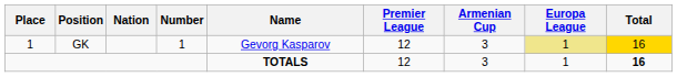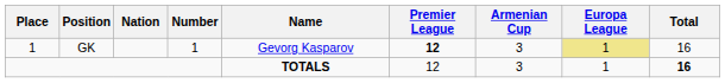 <table class="wikitable" style="font-size: 95%; text-align: center;">
 <tr>
 <th width=60>Place</th>
 <th width=60>Position</th>
 <th width=60>Nation</th>
 <th width=60>Number</th>
 <th width=200>Name</th>
 <th width=100><a href='#'>Premier League</a></th>
 <th width=100><a href='#'>Armenian Cup</a></th>
 <th width=100><a href='#'>Europa League</a></th>
 <th width=80><strong>Total</strong></th>
 </tr>
 <tr>
 <td>1</td>
 <td>GK</td>
 <td></td>
 <td>1</td>
 <td><a href='#'>Gevorg Kasparov</a></td>
-<td>12</td>
+<td><strong>12</strong></td>
 <td>3</td>
 <td style="background: khaki;">1</td>
-<td style="background: gold;">16</td>
+<td>16</td>
 </tr>
 <tr>
 <td colspan="4"></td>
 <td><strong>TOTALS</strong></td>
 <td>12</td>
 <td>3</td>
 <td>1</td>
 <td><strong>16</strong></td>
 </tr>
 </table>
